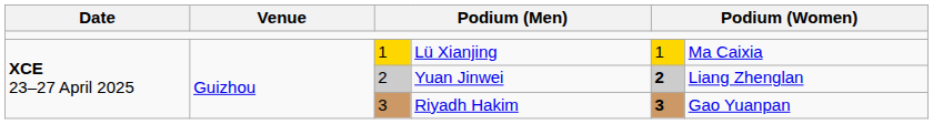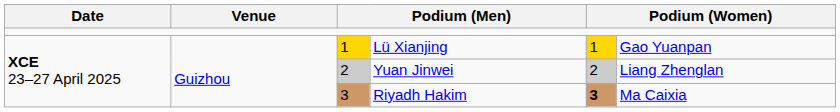 <table class="wikitable" width=70%>
 <tr>
 <th>Date</th>
 <th width=20%>Venue</th>
 <th colspan=2 width=30%>Podium (Men)</th>
 <th colspan=2 width=30%>Podium (Women)</th>
 </tr>
 <tr>
 <td colspan=6></td>
 </tr>
 <tr>
 <td rowspan=3><strong>XCE</strong> <br> 23–27 April 2025</td>
 <td rowspan=3><br><a href='#'>Guizhou</a></td>
 <td bgcolor=FFD700>1</td>
 <td> <a href='#'>Lü Xianjing</a></td>
 <td bgcolor=FFD700>1</td>
-<td> <a href='#'>Ma Caixia</a></td>
+<td> <a href='#'>Gao Yuanpan</a></td>
 </tr>
 <tr>
 <td bgcolor=CCCCCC>2</td>
 <td> <a href='#'>Yuan Jinwei</a></td>
-<td bgcolor=CCCCCC><strong>2</strong></td>
+<td bgcolor=CCCCCC>2</td>
 <td> <a href='#'>Liang Zhenglan</a></td>
 </tr>
 <tr>
 <td bgcolor=CC9966>3</td>
 <td> <a href='#'>Riyadh Hakim</a></td>
 <td bgcolor=CC9966><strong>3</strong></td>
-<td> <a href='#'>Gao Yuanpan</a></td>
+<td> <a href='#'>Ma Caixia</a></td>
 </tr>
 </table>
